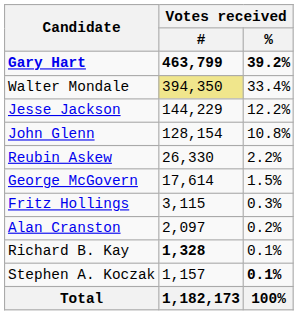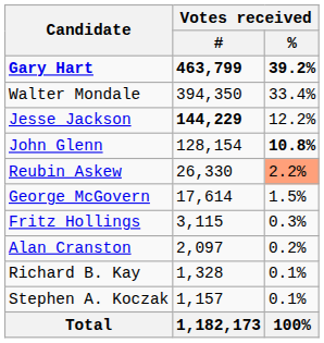 <table class="wikitable sortable">
 <tr>
 <th rowspan="2">Candidate</th>
 <th colspan="2">Votes received</th>
 </tr>
 <tr>
 <th>#</th>
 <th>%</th>
 </tr>
 <tr>
 <td><strong><a href='#'>Gary Hart</a></strong></td>
 <td><strong>463,799</strong></td>
 <td><strong>39.2%</strong></td>
 </tr>
 <tr>
 <td>Walter Mondale</td>
-<td style="background: khaki;">394,350</td>
+<td>394,350</td>
 <td>33.4%</td>
 </tr>
 <tr>
 <td><a href='#'>Jesse Jackson</a></td>
-<td>144,229</td>
+<td><strong>144,229</strong></td>
 <td>12.2%</td>
 </tr>
 <tr>
 <td><a href='#'>John Glenn</a></td>
 <td>128,154</td>
-<td>10.8%</td>
+<td><strong>10.8%</strong></td>
 </tr>
 <tr>
 <td><a href='#'>Reubin Askew</a></td>
 <td>26,330</td>
-<td>2.2%</td>
+<td style="background: lightsalmon;">2.2%</td>
 </tr>
 <tr>
 <td><a href='#'>George McGovern</a></td>
 <td>17,614</td>
 <td>1.5%</td>
 </tr>
 <tr>
 <td><a href='#'>Fritz Hollings</a></td>
 <td>3,115</td>
 <td>0.3%</td>
 </tr>
 <tr>
 <td><a href='#'>Alan Cranston</a></td>
 <td>2,097</td>
 <td>0.2%</td>
 </tr>
 <tr>
 <td>Richard B. Kay</td>
-<td><strong>1,328</strong></td>
+<td>1,328</td>
 <td>0.1%</td>
 </tr>
 <tr>
 <td>Stephen A. Koczak</td>
 <td>1,157</td>
-<td><strong>0.1%</strong></td>
+<td>0.1%</td>
 </tr>
 <tr>
 <th>Total</th>
 <th>1,182,173</th>
 <th>100%</th>
 </tr>
 </table>
